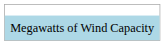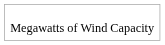 <table style="border:solid 1px #aaa;" cellpadding="7" cellspacing="0">
 <tr>
 <td></td>
 </tr>
 <tr>
-<td style="background: lightblue;">Megawatts of Wind Capacity</td>
+<td>Megawatts of Wind Capacity</td>
 </tr>
 </table>
